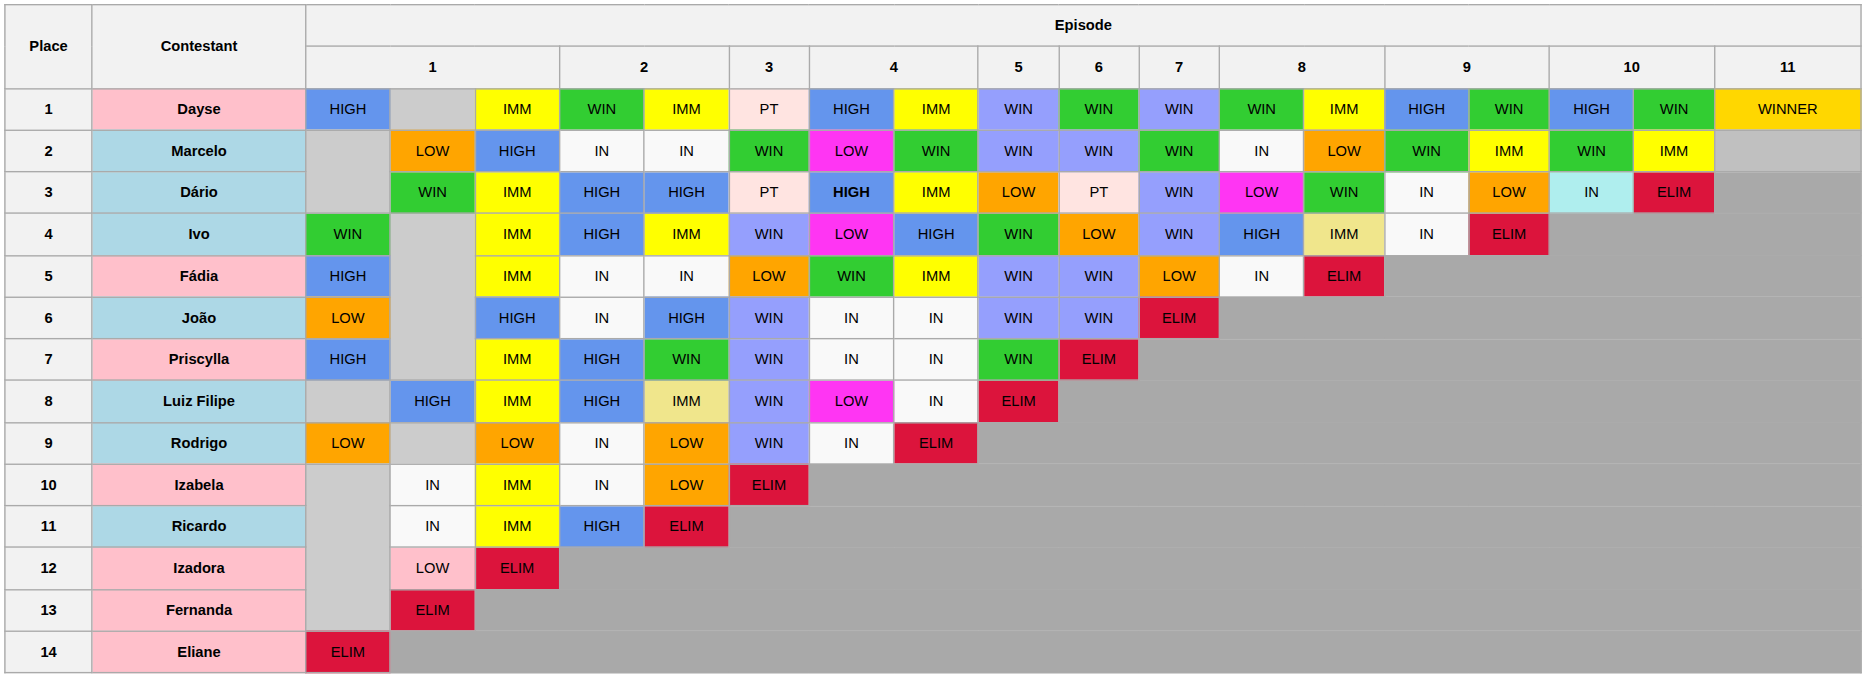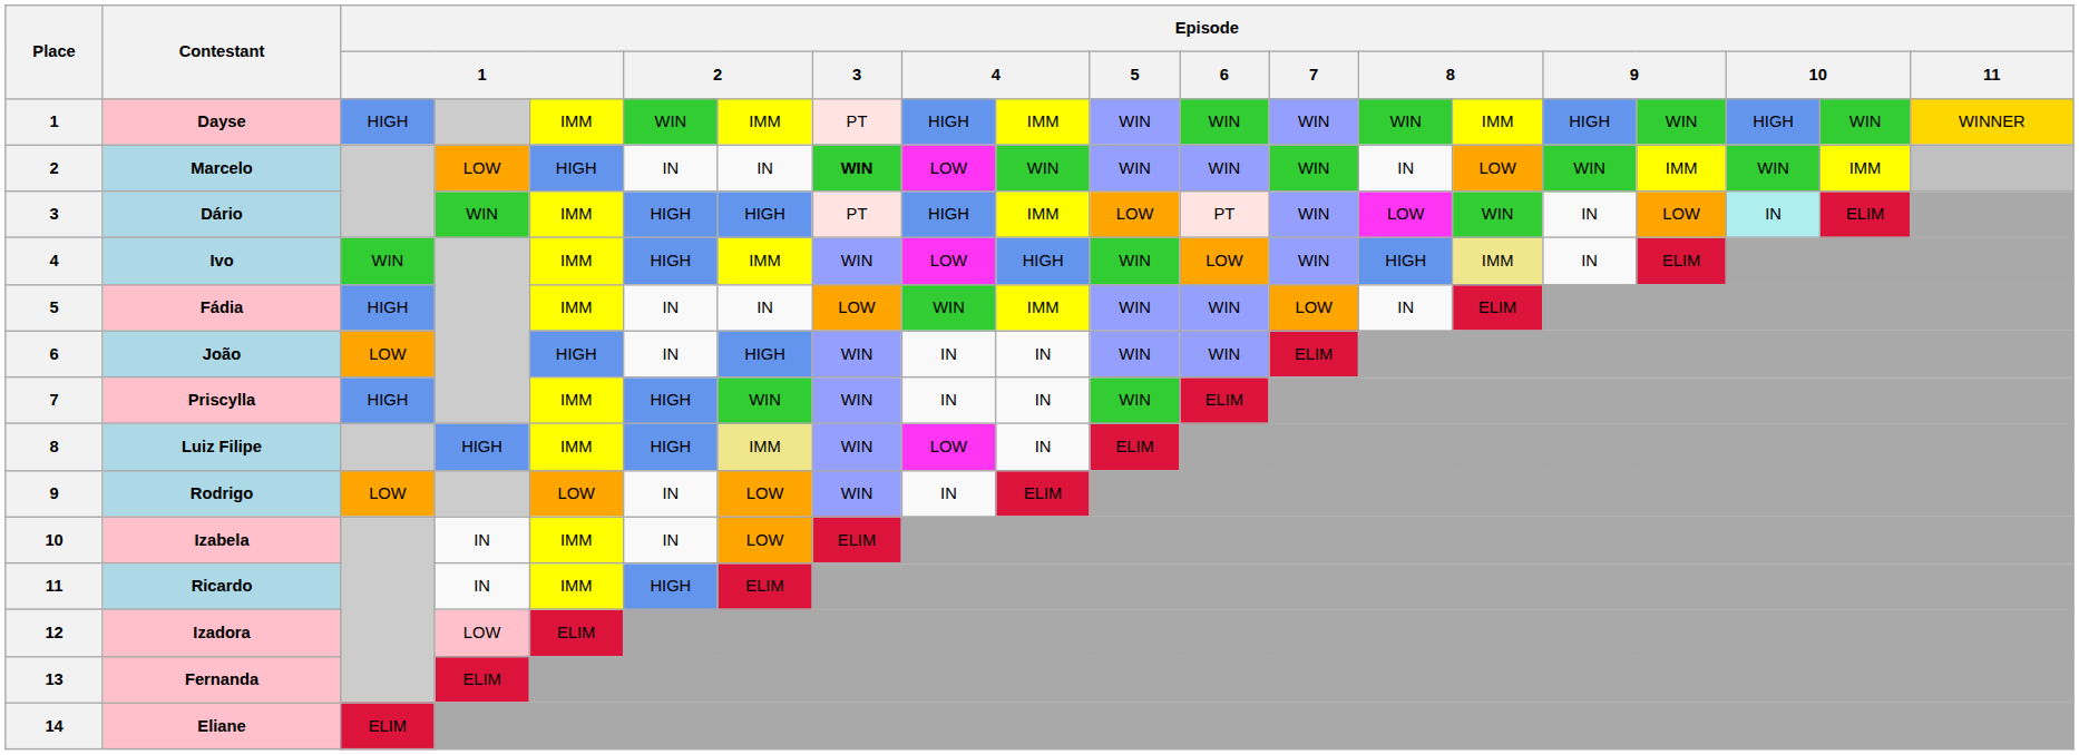 <table class="wikitable" style="margin:1em auto; text-align: center; font-size: 8pt; line-height:25px; width: 85%">
 <tr>
 <th rowspan=02 width=15>Place</th>
 <th rowspan=02 width=75>Contestant</th>
 <th colspan="18">Episode</th>
 </tr>
 <tr>
 <th colspan=3>1</th>
 <th colspan=2>2</th>
 <th>3</th>
 <th colspan=2>4</th>
 <th>5</th>
 <th>6</th>
 <th>7</th>
 <th colspan=2>8</th>
 <th colspan=2>9</th>
 <th colspan=2>10</th>
 <th>11</th>
 </tr>
 <tr>
 <th width=10>1</th>
 <td bgcolor="FFC0CB" width=50><strong>Dayse</strong></td>
 <td bgcolor="6495ED" width=25>HIGH</td>
 <td bgcolor="CCCCCC" width=25></td>
 <td bgcolor="FFFF00" width=25>IMM</td>
 <td bgcolor="32CD32" width=25>WIN</td>
 <td bgcolor="FFFF00" width=25>IMM</td>
 <td bgcolor="FFE4E1" width=25>PT</td>
 <td bgcolor="6495ED" width=25>HIGH</td>
 <td bgcolor="FFFF00" width=25>IMM</td>
 <td bgcolor="959FFD" width=25>WIN</td>
 <td bgcolor="32CD32" width=25>WIN</td>
 <td bgcolor="959FFD" width=25>WIN</td>
 <td bgcolor="32CD32" width=25>WIN</td>
 <td bgcolor="FFFF00" width=25>IMM</td>
 <td bgcolor="6495ED" width=25>HIGH</td>
 <td bgcolor="32CD32" width=25>WIN</td>
 <td bgcolor="6495ED" width=25>HIGH</td>
 <td bgcolor="32CD32" width=25>WIN</td>
 <td bgcolor="FFD700" width=50>WINNER</td>
 </tr>
 <tr>
 <th>2</th>
 <td bgcolor="ADD8E6"><strong>Marcelo</strong></td>
 <td bgcolor="CCCCCC" rowspan=2></td>
 <td bgcolor="FFA500">LOW</td>
 <td bgcolor="6495ED">HIGH</td>
 <td>IN</td>
 <td>IN</td>
-<td bgcolor="32CD32">WIN</td>
+<td bgcolor="32CD32"><strong>WIN</strong></td>
 <td bgcolor="FF35F3">LOW</td>
 <td bgcolor="32CD32">WIN</td>
 <td bgcolor="959FFD">WIN</td>
 <td bgcolor="959FFD">WIN</td>
 <td bgcolor="32CD32">WIN</td>
 <td>IN</td>
 <td bgcolor="FFA500">LOW</td>
 <td bgcolor="32CD32">WIN</td>
 <td bgcolor="FFFF00">IMM</td>
 <td bgcolor="32CD32">WIN</td>
 <td bgcolor="FFFF00">IMM</td>
 <td bgcolor="C0C0C0"></td>
 </tr>
 <tr>
 <th>3</th>
 <td bgcolor="ADD8E6"><strong>Dário</strong></td>
 <td bgcolor="32CD32">WIN</td>
 <td bgcolor="FFFF00">IMM</td>
 <td bgcolor="6495ED">HIGH</td>
 <td bgcolor="6495ED">HIGH</td>
 <td bgcolor="FFE4E1">PT</td>
-<td bgcolor="6495ED"><strong>HIGH</strong></td>
+<td bgcolor="6495ED">HIGH</td>
 <td bgcolor="FFFF00">IMM</td>
 <td bgcolor="FFA500">LOW</td>
 <td bgcolor="FFE4E1">PT</td>
 <td bgcolor="959FFD">WIN</td>
 <td bgcolor="FF35F3">LOW</td>
 <td bgcolor="32CD32">WIN</td>
 <td>IN</td>
 <td bgcolor="FFA500">LOW</td>
 <td style="background: paleturquoise;">IN</td>
 <td bgcolor="DC143C">ELIM</td>
 <td bgcolor="A9A9A9"></td>
 </tr>
 <tr>
 <th>4</th>
 <td bgcolor="ADD8E6"><strong>Ivo</strong></td>
 <td bgcolor="32CD32">WIN</td>
 <td bgcolor="CCCCCC" rowspan=4></td>
 <td bgcolor="FFFF00">IMM</td>
 <td bgcolor="6495ED">HIGH</td>
 <td bgcolor="FFFF00">IMM</td>
 <td bgcolor="959FFD">WIN</td>
 <td bgcolor="FF35F3">LOW</td>
 <td bgcolor="6495ED">HIGH</td>
 <td bgcolor="32CD32">WIN</td>
 <td bgcolor="FFA500">LOW</td>
 <td bgcolor="959FFD">WIN</td>
 <td bgcolor="6495ED">HIGH</td>
 <td bgcolor="F0E68C">IMM</td>
 <td>IN</td>
 <td bgcolor="DC143C">ELIM</td>
 <td colspan="3" bgcolor="A9A9A9"></td>
 </tr>
 <tr>
 <th>5</th>
 <td bgcolor="FFC0CB"><strong>Fádia</strong></td>
 <td bgcolor="6495ED">HIGH</td>
 <td bgcolor="FFFF00">IMM</td>
 <td>IN</td>
 <td>IN</td>
 <td bgcolor="FFA500">LOW</td>
 <td bgcolor="32CD32">WIN</td>
 <td bgcolor="FFFF00">IMM</td>
 <td bgcolor="959FFD">WIN</td>
 <td bgcolor="959FFD">WIN</td>
 <td bgcolor="FFA500">LOW</td>
 <td>IN</td>
 <td bgcolor="DC143C">ELIM</td>
 <td colspan="5" bgcolor="A9A9A9"></td>
 </tr>
 <tr>
 <th>6</th>
 <td bgcolor="ADD8E6"><strong>João</strong></td>
 <td bgcolor="FFA500">LOW</td>
 <td bgcolor="6495ED">HIGH</td>
 <td>IN</td>
 <td bgcolor="6495ED">HIGH</td>
 <td bgcolor="959FFD">WIN</td>
 <td>IN</td>
 <td>IN</td>
 <td bgcolor="959FFD">WIN</td>
 <td bgcolor="959FFD">WIN</td>
 <td bgcolor="DC143C">ELIM</td>
 <td colspan="7" bgcolor="A9A9A9"></td>
 </tr>
 <tr>
 <th>7</th>
 <td bgcolor="FFC0CB"><strong>Priscylla</strong></td>
 <td bgcolor="6495ED">HIGH</td>
 <td bgcolor="FFFF00">IMM</td>
 <td bgcolor="6495ED">HIGH</td>
 <td bgcolor="32CD32">WIN</td>
 <td bgcolor="959FFD">WIN</td>
 <td>IN</td>
 <td>IN</td>
 <td bgcolor="32CD32">WIN</td>
 <td bgcolor="DC143C">ELIM</td>
 <td colspan="8" bgcolor="A9A9A9"></td>
 </tr>
 <tr>
 <th>8</th>
 <td bgcolor="ADD8E6"><strong>Luiz Filipe</strong></td>
 <td bgcolor="CCCCCC"></td>
 <td bgcolor="6495ED">HIGH</td>
 <td bgcolor="FFFF00">IMM</td>
 <td bgcolor="6495ED">HIGH</td>
 <td bgcolor="F0E68C">IMM</td>
 <td bgcolor="959FFD">WIN</td>
 <td bgcolor="FF35F3">LOW</td>
 <td>IN</td>
 <td bgcolor="DC143C">ELIM</td>
 <td colspan="9" bgcolor="A9A9A9"></td>
 </tr>
 <tr>
 <th>9</th>
 <td bgcolor="ADD8E6"><strong>Rodrigo</strong></td>
 <td bgcolor="FFA500">LOW</td>
 <td bgcolor="CCCCCC"></td>
 <td bgcolor="FFA500">LOW</td>
 <td>IN</td>
 <td bgcolor="FFA500">LOW</td>
 <td bgcolor="959FFD">WIN</td>
 <td>IN</td>
 <td bgcolor="DC143C">ELIM</td>
 <td colspan="10" bgcolor="A9A9A9"></td>
 </tr>
 <tr>
 <th>10</th>
 <td bgcolor="FFC0CB"><strong>Izabela</strong></td>
 <td bgcolor="CCCCCC" rowspan=4></td>
 <td>IN</td>
 <td bgcolor="FFFF00">IMM</td>
 <td>IN</td>
 <td bgcolor="FFA500">LOW</td>
 <td bgcolor="DC143C">ELIM</td>
 <td colspan="12" bgcolor="A9A9A9"></td>
 </tr>
 <tr>
 <th>11</th>
 <td bgcolor="ADD8E6"><strong>Ricardo</strong></td>
 <td>IN</td>
 <td bgcolor="FFFF00">IMM</td>
 <td bgcolor="6495ED">HIGH</td>
 <td bgcolor="DC143C">ELIM</td>
 <td colspan="13" bgcolor="A9A9A9"></td>
 </tr>
 <tr>
 <th>12</th>
 <td bgcolor="FFC0CB"><strong>Izadora</strong></td>
 <td bgcolor="FFC0CB">LOW</td>
 <td bgcolor="DC143C">ELIM</td>
 <td colspan="15" bgcolor="A9A9A9"></td>
 </tr>
 <tr>
 <th>13</th>
 <td bgcolor="FFC0CB"><strong>Fernanda</strong></td>
 <td bgcolor="DC143C">ELIM</td>
 <td colspan="16" bgcolor="A9A9A9"></td>
 </tr>
 <tr>
 <th>14</th>
 <td bgcolor="FFC0CB"><strong>Eliane</strong></td>
 <td bgcolor="DC143C">ELIM</td>
 <td colspan="17" bgcolor="A9A9A9"></td>
 </tr>
 </table>
